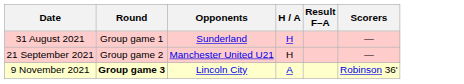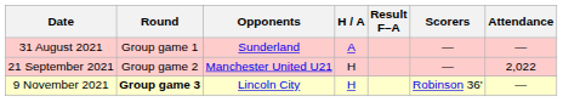 <table class="wikitable" style="text-align:center">
 <tr>
 <th>Date</th>
 <th>Round</th>
 <th>Opponents</th>
 <th>H / A</th>
 <th>Result<br>F–A</th>
 <th>Scorers</th>
+<th>Attendance</th>
 </tr>
 <tr bgcolor="#ffcccc">
 <td>31 August 2021</td>
 <td>Group game 1</td>
 <td><a href='#'>Sunderland</a></td>
-<td><a href='#'>H</a></td>
+<td><a href='#'>A</a></td>
 <td></td>
+<td>—</td>
 <td>—</td>
 </tr>
 <tr bgcolor="#ffcccc">
 <td>21 September 2021</td>
 <td>Group game 2</td>
 <td><a href='#'>Manchester United U21</a></td>
 <td>H</td>
 <td></td>
 <td>—</td>
+<td>2,022</td>
 </tr>
 <tr bgcolor="#ffffcc">
 <td>9 November 2021</td>
 <td><strong>Group game 3</strong></td>
 <td><a href='#'>Lincoln City</a></td>
-<td><a href='#'>A</a></td>
+<td><a href='#'>H</a></td>
 <td> </td>
 <td><a href='#'>Robinson</a> 36'</td>
+<td>—</td>
 </tr>
 </table>
